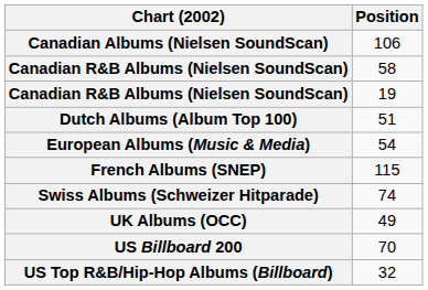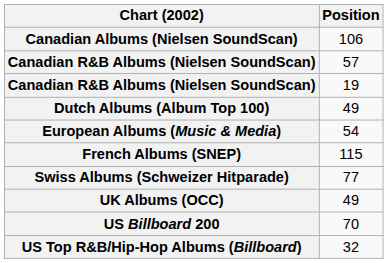 <table class="wikitable sortable plainrowheaders" style="text-align:center;">
 <tr>
 <th scope="col">Chart (2002)</th>
 <th scope="col">Position</th>
 </tr>
 <tr>
 <th scope="row">Canadian Albums (Nielsen SoundScan)<br></th>
 <td>106</td>
 </tr>
 <tr>
 <th scope="row">Canadian R&B Albums (Nielsen SoundScan)<br></th>
-<td>58</td>
+<td>57</td>
 </tr>
 <tr>
 <th scope="row">Canadian R&B Albums (Nielsen SoundScan)<br></th>
 <td>19</td>
 </tr>
 <tr>
 <th scope="row">Dutch Albums (Album Top 100)</th>
-<td>51</td>
+<td>49</td>
 </tr>
 <tr>
 <th scope="row">European Albums (<em>Music & Media</em>)</th>
 <td>54</td>
 </tr>
 <tr>
 <th scope="row">French Albums (SNEP)</th>
 <td>115</td>
 </tr>
 <tr>
 <th scope="row">Swiss Albums (Schweizer Hitparade)</th>
-<td>74</td>
+<td>77</td>
 </tr>
 <tr>
 <th scope="row">UK Albums (OCC)</th>
 <td>49</td>
 </tr>
 <tr>
 <th scope="row">US <em>Billboard</em> 200</th>
 <td>70</td>
 </tr>
 <tr>
 <th scope="row">US Top R&B/Hip-Hop Albums (<em>Billboard</em>)</th>
 <td>32</td>
 </tr>
 </table>
